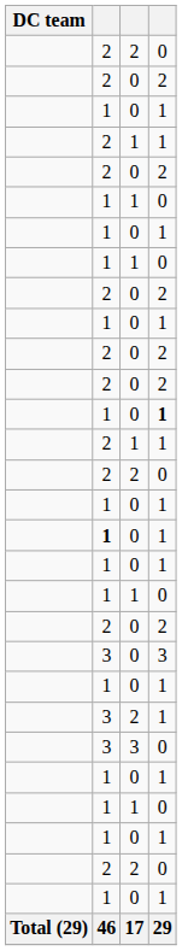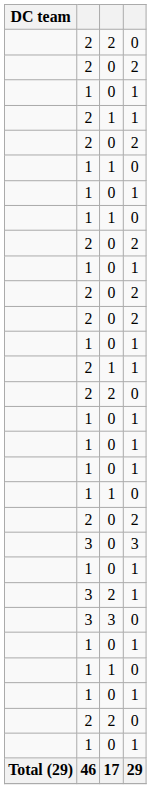 <table class="wikitable sortable" style="text-align:center">
 <tr>
 <th>DC team</th>
 <th><small></small></th>
 <th><small></small></th>
 <th><small></small></th>
 </tr>
 <tr>
 <td align="left"></td>
 <td>2</td>
 <td>2</td>
 <td>0</td>
 </tr>
 <tr>
 <td align="left"></td>
 <td>2</td>
 <td>0</td>
 <td>2</td>
 </tr>
 <tr>
 <td align="left"></td>
 <td>1</td>
 <td>0</td>
 <td>1</td>
 </tr>
 <tr>
 <td align="left"></td>
 <td>2</td>
 <td>1</td>
 <td>1</td>
 </tr>
 <tr>
 <td align="left"></td>
 <td>2</td>
 <td>0</td>
 <td>2</td>
 </tr>
 <tr>
 <td align="left"></td>
 <td>1</td>
 <td>1</td>
 <td>0</td>
 </tr>
 <tr>
 <td align="left"></td>
 <td>1</td>
 <td>0</td>
 <td>1</td>
 </tr>
 <tr>
 <td align="left"></td>
 <td>1</td>
 <td>1</td>
 <td>0</td>
 </tr>
 <tr>
 <td align="left"></td>
 <td>2</td>
 <td>0</td>
 <td>2</td>
 </tr>
 <tr>
 <td align="left"></td>
 <td>1</td>
 <td>0</td>
 <td>1</td>
 </tr>
 <tr>
 <td align="left"></td>
 <td>2</td>
 <td>0</td>
 <td>2</td>
 </tr>
 <tr>
 <td align="left"></td>
 <td>2</td>
 <td>0</td>
 <td>2</td>
 </tr>
 <tr>
 <td align="left"></td>
 <td>1</td>
 <td>0</td>
-<td><strong>1</strong></td>
+<td>1</td>
 </tr>
 <tr>
 <td align="left"></td>
 <td>2</td>
 <td>1</td>
 <td>1</td>
 </tr>
 <tr>
 <td align="left"></td>
 <td>2</td>
 <td>2</td>
 <td>0</td>
 </tr>
 <tr>
 <td align="left"></td>
 <td>1</td>
 <td>0</td>
 <td>1</td>
 </tr>
 <tr>
 <td align="left"></td>
-<td><strong>1</strong></td>
+<td>1</td>
 <td>0</td>
 <td>1</td>
 </tr>
 <tr>
 <td align="left"></td>
 <td>1</td>
 <td>0</td>
 <td>1</td>
 </tr>
 <tr>
 <td align="left"></td>
 <td>1</td>
 <td>1</td>
 <td>0</td>
 </tr>
 <tr>
 <td align="left"></td>
 <td>2</td>
 <td>0</td>
 <td>2</td>
 </tr>
 <tr>
 <td align="left"></td>
 <td>3</td>
 <td>0</td>
 <td>3</td>
 </tr>
 <tr>
 <td align="left"></td>
 <td>1</td>
 <td>0</td>
 <td>1</td>
 </tr>
 <tr>
 <td align="left"></td>
 <td>3</td>
 <td>2</td>
 <td>1</td>
 </tr>
 <tr>
 <td align="left"></td>
 <td>3</td>
 <td>3</td>
 <td>0</td>
 </tr>
 <tr>
 <td align="left"></td>
 <td>1</td>
 <td>0</td>
 <td>1</td>
 </tr>
 <tr>
 <td align="left"></td>
 <td>1</td>
 <td>1</td>
 <td>0</td>
 </tr>
 <tr>
 <td align="left"></td>
 <td>1</td>
 <td>0</td>
 <td>1</td>
 </tr>
 <tr>
 <td align="left"></td>
 <td>2</td>
 <td>2</td>
 <td>0</td>
 </tr>
 <tr>
 <td align="left"></td>
 <td>1</td>
 <td>0</td>
 <td>1</td>
 </tr>
 <tr>
 <th align="left">Total (29)</th>
 <th>46</th>
 <th>17</th>
 <th>29</th>
 </tr>
 <tr>
 </tr>
 </table>
